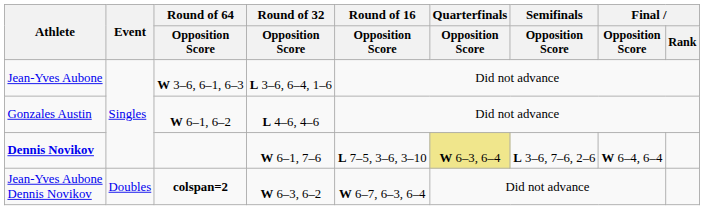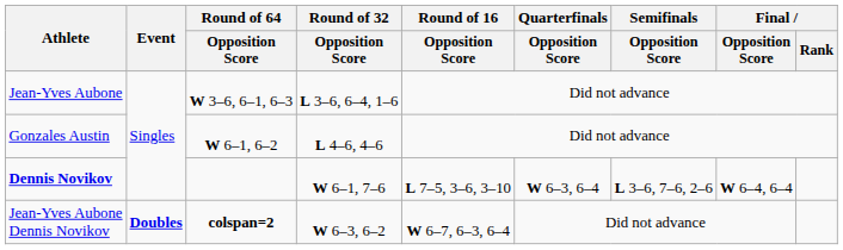 <table class=wikitable style="font-size:90%">
 <tr>
 <th rowspan=2>Athlete</th>
 <th rowspan=2>Event</th>
 <th>Round of 64</th>
 <th>Round of 32</th>
 <th>Round of 16</th>
 <th>Quarterfinals</th>
 <th>Semifinals</th>
 <th colspan=2>Final / </th>
 </tr>
 <tr style="font-size:95%">
 <th>Opposition<br>Score</th>
 <th>Opposition<br>Score</th>
 <th>Opposition<br>Score</th>
 <th>Opposition<br>Score</th>
 <th>Opposition<br>Score</th>
 <th>Opposition<br>Score</th>
 <th>Rank</th>
 </tr>
 <tr align=center>
 <td align=left><a href='#'>Jean-Yves Aubone</a></td>
 <td align=left rowspan=3><a href='#'>Singles</a></td>
 <td><br><strong>W</strong> 3–6, 6–1, 6–3</td>
 <td><br><strong>L</strong> 3–6, 6–4, 1–6</td>
 <td colspan=5>Did not advance</td>
 </tr>
 <tr align=center>
 <td align=left><a href='#'>Gonzales Austin</a></td>
 <td><br><strong>W</strong> 6–1, 6–2</td>
 <td><br><strong>L</strong> 4–6, 4–6</td>
 <td colspan=5>Did not advance</td>
 </tr>
 <tr align=center>
 <td align=left><strong><a href='#'>Dennis Novikov</a></strong></td>
 <td></td>
 <td><br><strong>W</strong> 6–1, 7–6</td>
 <td><br><strong>L</strong> 7–5, 3–6, 3–10</td>
-<td style="background: khaki;"><br><strong>W</strong> 6–3, 6–4</td>
+<td><br><strong>W</strong> 6–3, 6–4</td>
 <td><br><strong>L</strong> 3–6, 7–6, 2–6</td>
 <td><br><strong>W</strong> 6–4, 6–4</td>
 <td></td>
 </tr>
 <tr align=center>
 <td align=left><a href='#'>Jean-Yves Aubone</a><br><a href='#'>Dennis Novikov</a></td>
-<td align=left><a href='#'>Doubles</a></td>
+<td align=left><strong><a href='#'>Doubles</a></strong></td>
 <td><strong>colspan=2 </strong></td>
 <td><br><strong>W</strong> 6–3, 6–2</td>
 <td><br><strong>W</strong> 6–7, 6–3, 6–4</td>
 <td colspan=3>Did not advance</td>
 </tr>
 </table>
